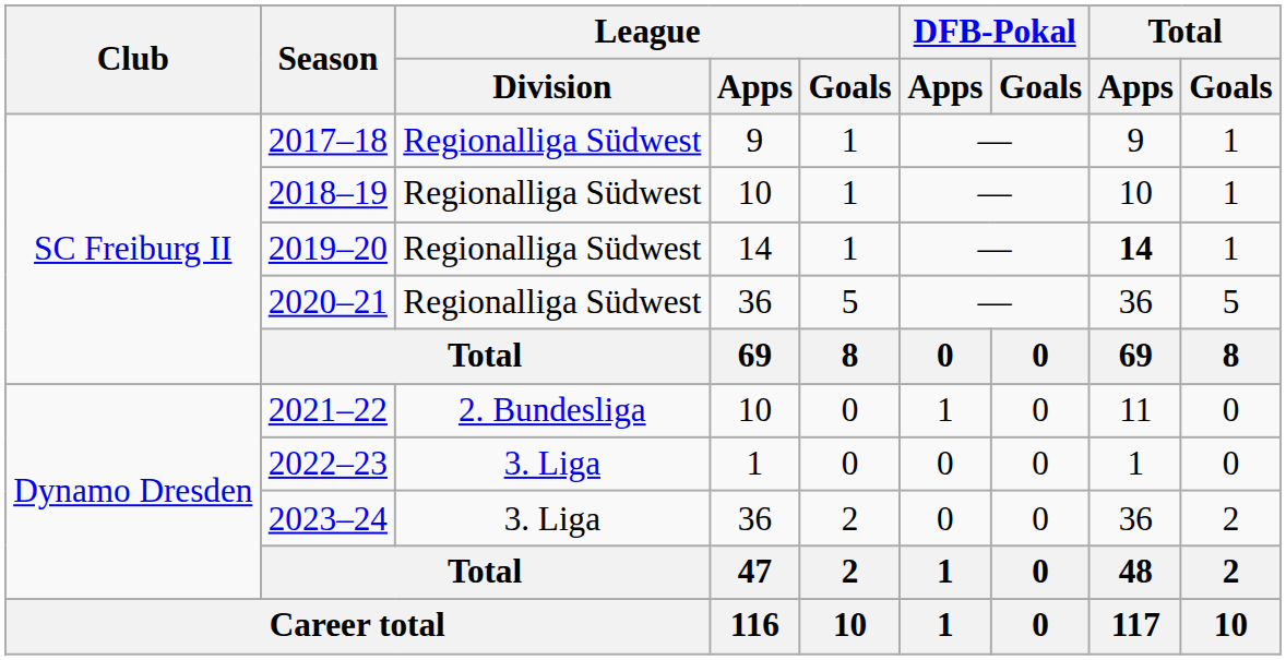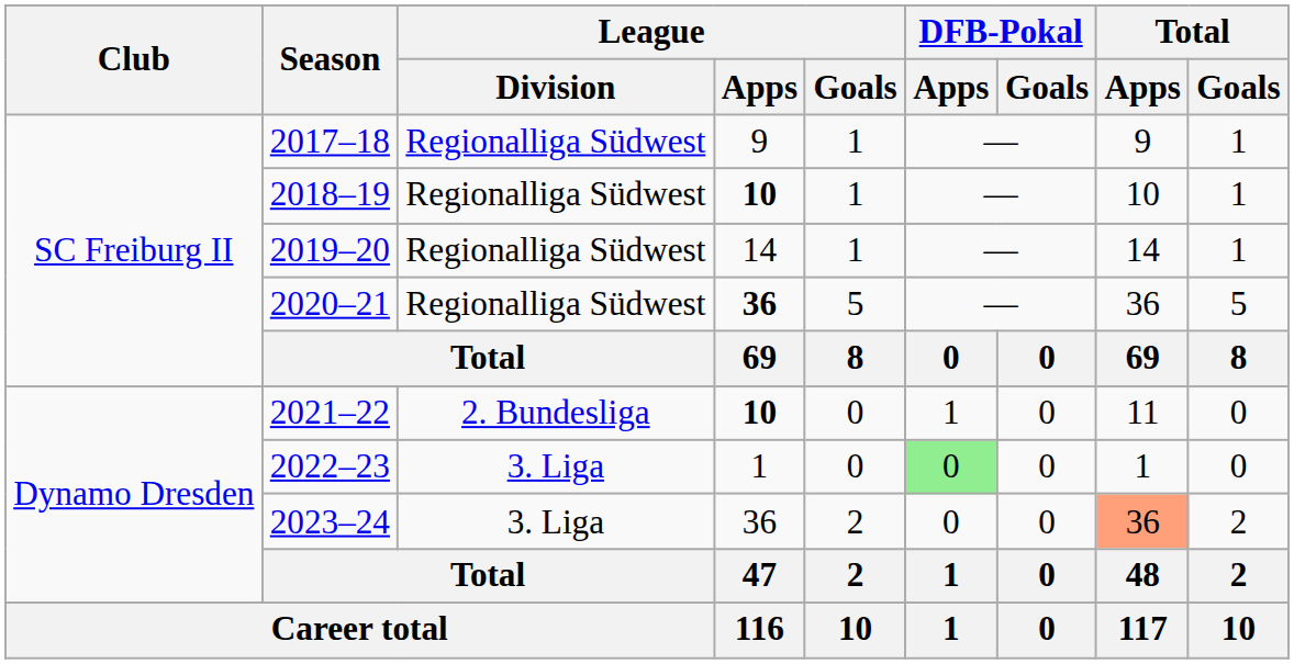 <table class="wikitable" style="text-align:center">
 <tr>
 <th rowspan="2">Club</th>
 <th rowspan="2">Season</th>
 <th colspan="3">League</th>
 <th colspan="2"><a href='#'>DFB-Pokal</a></th>
 <th colspan="2">Total</th>
 </tr>
 <tr>
 <th>Division</th>
 <th>Apps</th>
 <th>Goals</th>
 <th>Apps</th>
 <th>Goals</th>
 <th>Apps</th>
 <th>Goals</th>
 </tr>
 <tr>
 <td rowspan="5"><a href='#'>SC Freiburg II</a></td>
 <td><a href='#'>2017–18</a></td>
 <td><a href='#'>Regionalliga Südwest</a></td>
 <td>9</td>
 <td>1</td>
 <td colspan="2">—</td>
 <td>9</td>
 <td>1</td>
 </tr>
 <tr>
 <td><a href='#'>2018–19</a></td>
 <td>Regionalliga Südwest</td>
-<td>10</td>
+<td><strong>10</strong></td>
 <td>1</td>
 <td colspan="2">—</td>
 <td>10</td>
 <td>1</td>
 </tr>
 <tr>
 <td><a href='#'>2019–20</a></td>
 <td>Regionalliga Südwest</td>
 <td>14</td>
 <td>1</td>
 <td colspan="2">—</td>
-<td><strong>14</strong></td>
+<td>14</td>
 <td>1</td>
 </tr>
 <tr>
 <td><a href='#'>2020–21</a></td>
 <td>Regionalliga Südwest</td>
-<td>36</td>
+<td><strong>36</strong></td>
 <td>5</td>
 <td colspan="2">—</td>
 <td>36</td>
 <td>5</td>
 </tr>
 <tr>
 <th colspan="2">Total</th>
 <th>69</th>
 <th>8</th>
 <th>0</th>
 <th>0</th>
 <th>69</th>
 <th>8</th>
 </tr>
 <tr>
 <td rowspan="4"><a href='#'>Dynamo Dresden</a></td>
 <td><a href='#'>2021–22</a></td>
 <td><a href='#'>2. Bundesliga</a></td>
-<td>10</td>
+<td><strong>10</strong></td>
 <td>0</td>
 <td>1</td>
 <td>0</td>
 <td>11</td>
 <td>0</td>
 </tr>
 <tr>
 <td><a href='#'>2022–23</a></td>
 <td><a href='#'>3. Liga</a></td>
 <td>1</td>
 <td>0</td>
-<td>0</td>
+<td style="background: lightgreen;">0</td>
 <td>0</td>
 <td>1</td>
 <td>0</td>
 </tr>
 <tr>
 <td><a href='#'>2023–24</a></td>
 <td>3. Liga</td>
 <td>36</td>
 <td>2</td>
 <td>0</td>
 <td>0</td>
-<td>36</td>
+<td style="background: lightsalmon;">36</td>
 <td>2</td>
 </tr>
 <tr>
 <th colspan="2">Total</th>
 <th>47</th>
 <th>2</th>
 <th>1</th>
 <th>0</th>
 <th>48</th>
 <th>2</th>
 </tr>
 <tr>
 <th colspan="3">Career total</th>
 <th>116</th>
 <th>10</th>
 <th>1</th>
 <th>0</th>
 <th>117</th>
 <th>10</th>
 </tr>
 </table>
